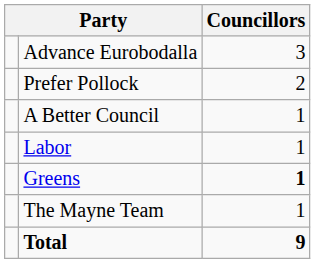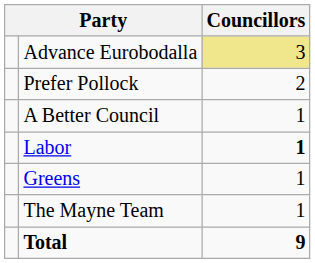 <table class="wikitable">
 <tr>
 <th colspan="2">Party</th>
 <th>Councillors</th>
 </tr>
 <tr>
 <td> </td>
 <td>Advance Eurobodalla</td>
-<td align=right>3</td>
+<td align=right style="background: khaki;">3</td>
 </tr>
 <tr>
 <td> </td>
 <td>Prefer Pollock</td>
 <td align=right>2</td>
 </tr>
 <tr>
 <td> </td>
 <td>A Better Council</td>
 <td align=right>1</td>
 </tr>
 <tr>
 <td> </td>
 <td><a href='#'>Labor</a></td>
-<td align=right>1</td>
+<td align=right><strong>1</strong></td>
 </tr>
 <tr>
 <td> </td>
 <td><a href='#'>Greens</a></td>
-<td align=right><strong>1</strong></td>
+<td align=right>1</td>
 </tr>
 <tr>
 <td> </td>
 <td>The Mayne Team</td>
 <td align=right>1</td>
 </tr>
 <tr>
 <td></td>
 <td><strong>Total</strong></td>
 <td align=right><strong>9</strong></td>
 </tr>
 </table>
